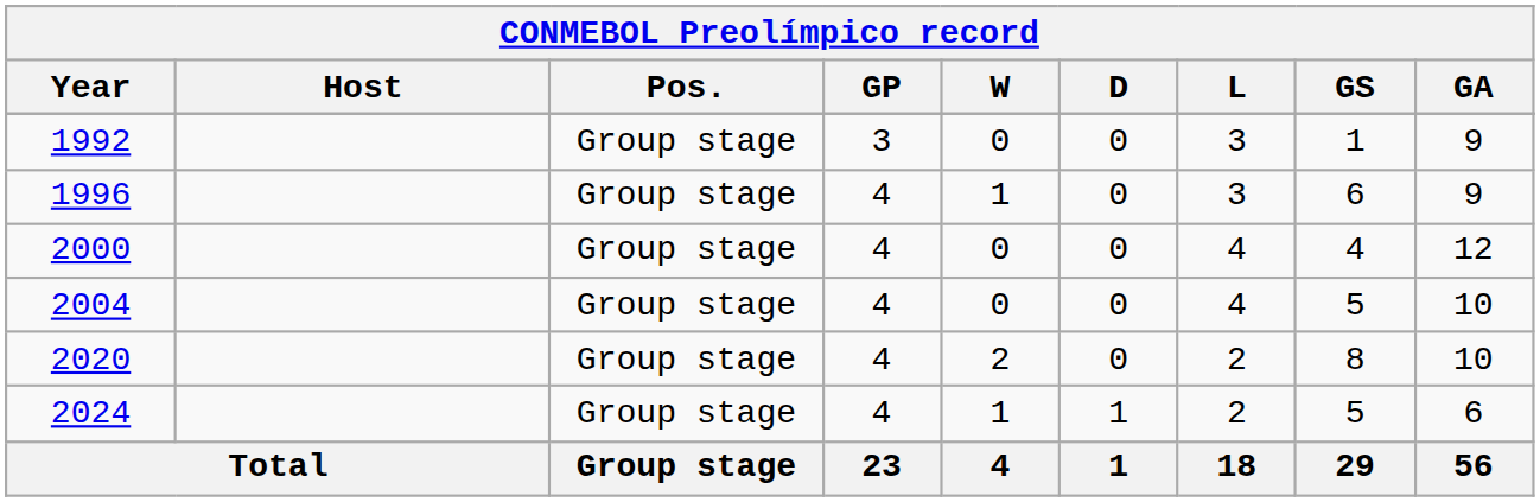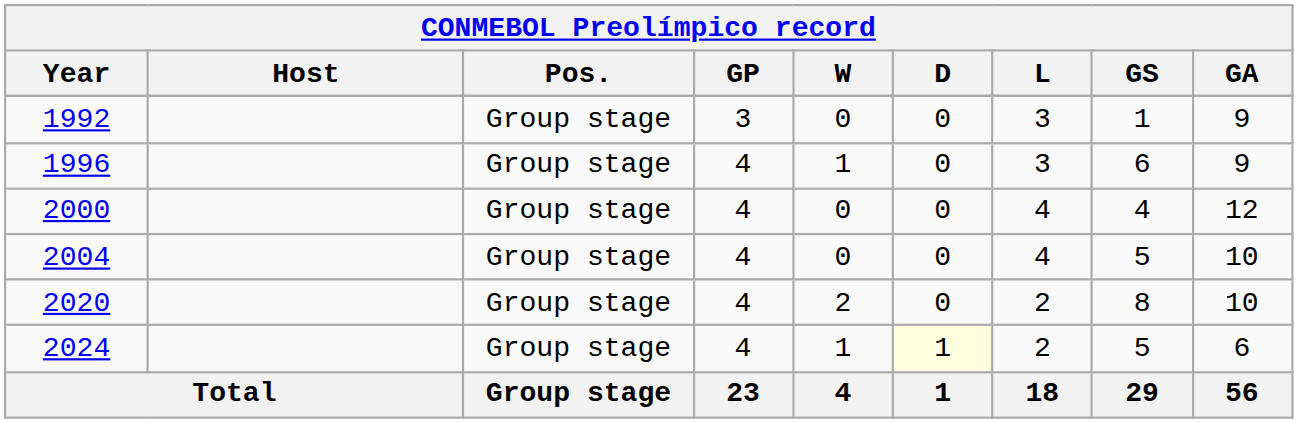 <table class="wikitable" style="text-align: center">
 <tr>
 <th colspan=10><a href='#'>CONMEBOL Preolímpico record</a></th>
 </tr>
 <tr>
 <th width=60px>Year</th>
 <th width=140px>Host</th>
 <th width=100px>Pos.</th>
 <th width=40px>GP</th>
 <th width=40px>W</th>
 <th width=40px>D</th>
 <th width=40px>L</th>
 <th width=40px>GS</th>
 <th width=40px>GA</th>
 </tr>
 <tr>
 </tr>
 <tr>
 <td><a href='#'>1992</a></td>
 <td align=left></td>
 <td>Group stage</td>
 <td>3</td>
 <td>0</td>
 <td>0</td>
 <td>3</td>
 <td>1</td>
 <td>9</td>
 </tr>
 <tr>
 <td><a href='#'>1996</a></td>
 <td align=left></td>
 <td>Group stage</td>
 <td>4</td>
 <td>1</td>
 <td>0</td>
 <td>3</td>
 <td>6</td>
 <td>9</td>
 </tr>
 <tr>
 <td><a href='#'>2000</a></td>
 <td align=left></td>
 <td>Group stage</td>
 <td>4</td>
 <td>0</td>
 <td>0</td>
 <td>4</td>
 <td>4</td>
 <td>12</td>
 </tr>
 <tr>
 <td><a href='#'>2004</a></td>
 <td align=left></td>
 <td>Group stage</td>
 <td>4</td>
 <td>0</td>
 <td>0</td>
 <td>4</td>
 <td>5</td>
 <td>10</td>
 </tr>
 <tr>
 <td><a href='#'>2020</a></td>
 <td align=left></td>
 <td>Group stage</td>
 <td>4</td>
 <td>2</td>
 <td>0</td>
 <td>2</td>
 <td>8</td>
 <td>10</td>
 </tr>
 <tr>
 <td><a href='#'>2024</a></td>
 <td align=left></td>
 <td>Group stage</td>
 <td>4</td>
 <td>1</td>
-<td>1</td>
+<td style="background: lightyellow;">1</td>
 <td>2</td>
 <td>5</td>
 <td>6</td>
 </tr>
 <tr>
 <th colspan=2>Total</th>
 <th>Group stage</th>
 <th>23</th>
 <th>4</th>
 <th>1</th>
 <th>18</th>
 <th>29</th>
 <th>56</th>
 </tr>
 </table>
